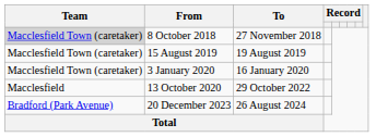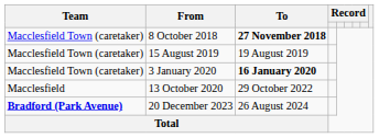 <table class=wikitable style="text-align: center">
 <tr>
 <th rowspan=2>Team</th>
 <th rowspan=2>From</th>
 <th rowspan=2>To</th>
 <th colspan=5>Record</th>
 <th rowspan=2></th>
 </tr>
 <tr>
 <th></th>
 <th></th>
 <th></th>
 <th></th>
 <th></th>
 </tr>
 <tr>
-<td align=left style="background: lightgrey;"><a href='#'>Macclesfield Town</a> (caretaker)</td>
+<td align=left><a href='#'>Macclesfield Town</a> (caretaker)</td>
 <td align=left>8 October 2018</td>
-<td align=left>27 November 2018<br></td>
+<td align=left><strong>27 November 2018<br></strong></td>
 <td></td>
 </tr>
 <tr>
 <td align=left>Macclesfield Town (caretaker)</td>
 <td align=left>15 August 2019</td>
 <td align=left>19 August 2019<br></td>
 <td></td>
 </tr>
 <tr>
 <td align=left>Macclesfield Town (caretaker)</td>
 <td align=left>3 January 2020</td>
-<td align=left>16 January 2020<br></td>
+<td align=left><strong>16 January 2020<br></strong></td>
 <td></td>
 </tr>
 <tr>
 <td align=left>Macclesfield</td>
 <td align=left>13 October 2020</td>
 <td align=left>29 October 2022<br></td>
 <td></td>
 </tr>
 <tr>
-<td align=left><a href='#'>Bradford (Park Avenue)</a></td>
+<td align=left><strong><a href='#'>Bradford (Park Avenue)</a></strong></td>
 <td align=left>20 December 2023</td>
 <td align=left>26 August 2024<br></td>
 <td></td>
 </tr>
 <tr>
 <th colspan=3>Total<br></th>
 </tr>
 </table>
